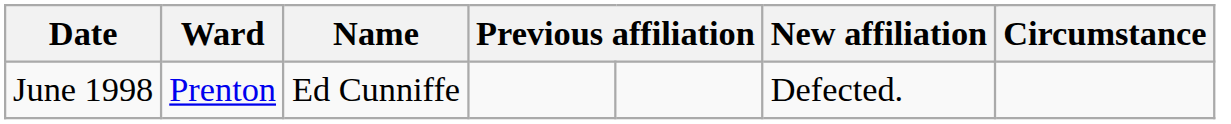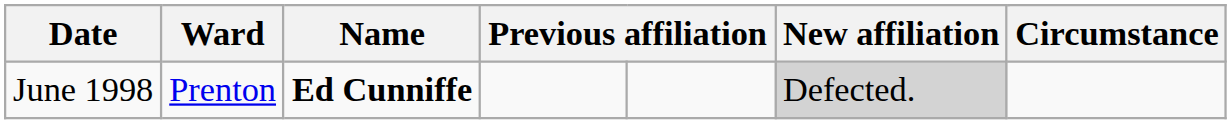 <table class="wikitable" style="font-size: 95%;">
 <tr>
 <th>Date</th>
 <th>Ward</th>
 <th>Name</th>
 <th colspan="2">Previous affiliation</th>
 <th colspan="2">New affiliation</th>
 <th>Circumstance</th>
 </tr>
 <tr>
 <td>June 1998</td>
 <td><a href='#'>Prenton</a></td>
-<td>Ed Cunniffe</td>
+<td><strong>Ed Cunniffe</strong></td>
 <td></td>
 <td></td>
-<td>Defected.</td>
+<td style="background: lightgrey;">Defected.</td>
 </tr>
 </table>
